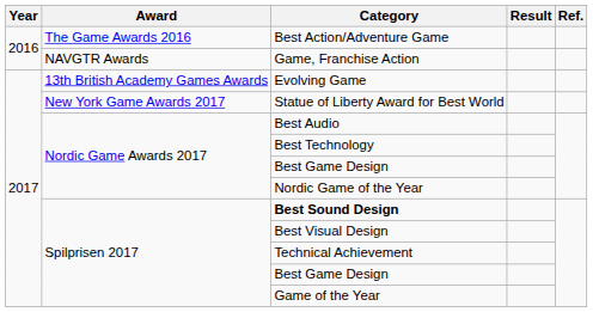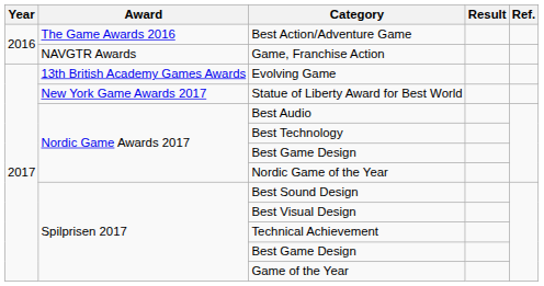 <table class="wikitable sortable">
 <tr>
 <th>Year</th>
 <th>Award</th>
 <th>Category</th>
 <th>Result</th>
 <th>Ref.</th>
 </tr>
 <tr>
 <td rowspan="2">2016</td>
 <td><a href='#'>The Game Awards 2016</a></td>
 <td>Best Action/Adventure Game</td>
 <td></td>
 <td></td>
 </tr>
 <tr>
 <td>NAVGTR Awards</td>
 <td>Game, Franchise Action</td>
 <td></td>
 <td></td>
 </tr>
 <tr>
 <td rowspan="11">2017</td>
 <td><a href='#'>13th British Academy Games Awards</a></td>
 <td>Evolving Game</td>
 <td></td>
 <td></td>
 </tr>
 <tr>
 <td><a href='#'>New York Game Awards 2017</a></td>
 <td>Statue of Liberty Award for Best World</td>
 <td></td>
 <td></td>
 </tr>
 <tr>
 <td rowspan="4"><a href='#'>Nordic Game</a> Awards 2017</td>
 <td>Best Audio</td>
 <td></td>
 <td rowspan="4"></td>
 </tr>
 <tr>
 <td>Best Technology</td>
 <td></td>
 </tr>
 <tr>
 <td>Best Game Design</td>
 <td></td>
 </tr>
 <tr>
 <td>Nordic Game of the Year</td>
 <td></td>
 </tr>
 <tr>
 <td rowspan="5">Spilprisen 2017</td>
-<td><strong>Best Sound Design</strong></td>
+<td>Best Sound Design</td>
 <td></td>
 <td rowspan="5"></td>
 </tr>
 <tr>
 <td>Best Visual Design</td>
 <td></td>
 </tr>
 <tr>
 <td>Technical Achievement</td>
 <td></td>
 </tr>
 <tr>
 <td>Best Game Design</td>
 <td></td>
 </tr>
 <tr>
 <td>Game of the Year</td>
 <td></td>
 </tr>
 </table>
